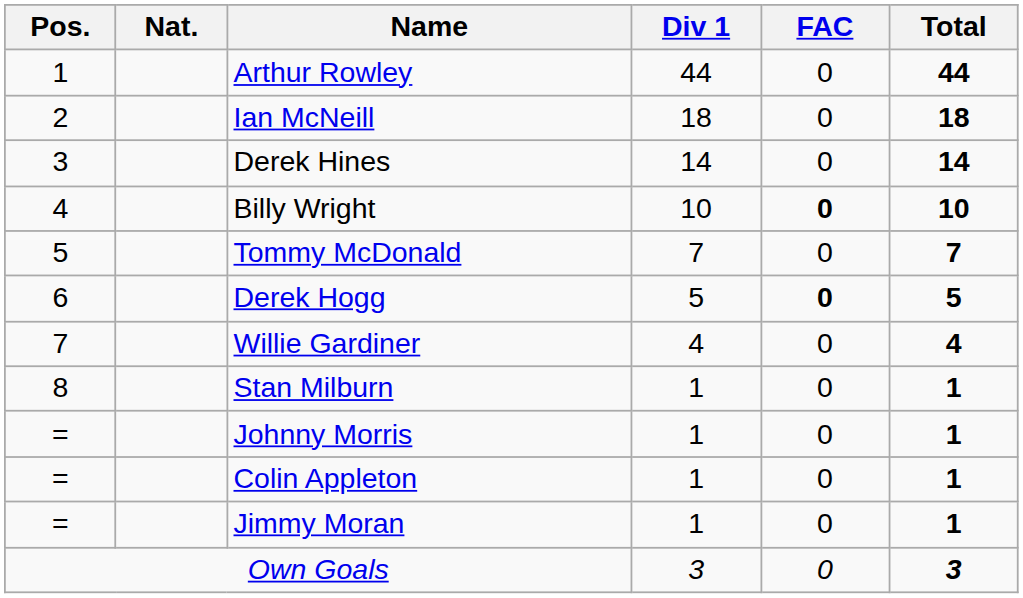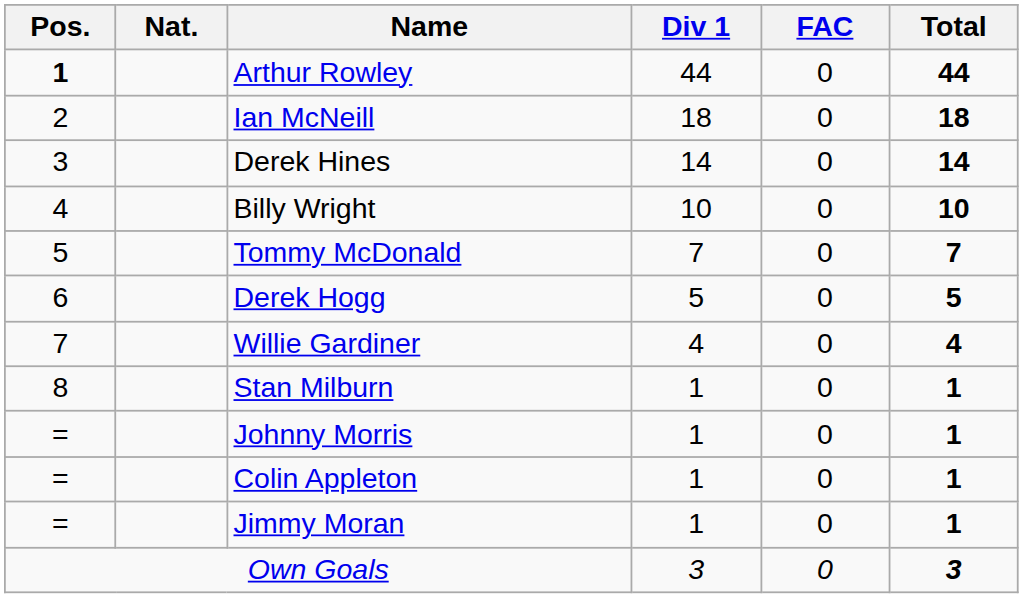 <table class="wikitable sortable">
 <tr>
 <th width="55">Pos.</th>
 <th width="55">Nat.</th>
 <th width="220">Name</th>
 <th width="65"><a href='#'>Div 1</a></th>
 <th width="65"><a href='#'>FAC</a></th>
 <th width="65">Total</th>
 </tr>
 <tr>
-<td align="center">1</td>
+<td align="center"><strong>1</strong></td>
 <td align="center"></td>
 <td><a href='#'>Arthur Rowley</a></td>
 <td align="center">44</td>
 <td align="center">0</td>
 <td align="center"><strong>44</strong></td>
 </tr>
 <tr>
 <td align="center">2</td>
 <td align="center"></td>
 <td><a href='#'>Ian McNeill</a></td>
 <td align="center">18</td>
 <td align="center">0</td>
 <td align="center"><strong>18</strong></td>
 </tr>
 <tr>
 <td align="center">3</td>
 <td align="center"></td>
 <td>Derek Hines</td>
 <td align="center">14</td>
 <td align="center">0</td>
 <td align="center"><strong>14</strong></td>
 </tr>
 <tr>
 <td align="center">4</td>
 <td align="center"></td>
 <td>Billy Wright</td>
 <td align="center">10</td>
-<td align="center"><strong>0</strong></td>
+<td align="center">0</td>
 <td align="center"><strong>10</strong></td>
 </tr>
 <tr>
 <td align="center">5</td>
 <td align="center"></td>
 <td><a href='#'>Tommy McDonald</a></td>
 <td align="center">7</td>
 <td align="center">0</td>
 <td align="center"><strong>7</strong></td>
 </tr>
 <tr>
 <td align="center">6</td>
 <td align="center"></td>
 <td><a href='#'>Derek Hogg</a></td>
 <td align="center">5</td>
-<td align="center"><strong>0</strong></td>
+<td align="center">0</td>
 <td align="center"><strong>5</strong></td>
 </tr>
 <tr>
 <td align="center">7</td>
 <td align="center"></td>
 <td><a href='#'>Willie Gardiner</a></td>
 <td align="center">4</td>
 <td align="center">0</td>
 <td align="center"><strong>4</strong></td>
 </tr>
 <tr>
 <td align="center">8</td>
 <td align="center"></td>
 <td><a href='#'>Stan Milburn</a></td>
 <td align="center">1</td>
 <td align="center">0</td>
 <td align="center"><strong>1</strong></td>
 </tr>
 <tr>
 <td align="center">=</td>
 <td align="center"></td>
 <td><a href='#'>Johnny Morris</a></td>
 <td align="center">1</td>
 <td align="center">0</td>
 <td align="center"><strong>1</strong></td>
 </tr>
 <tr>
 <td align="center">=</td>
 <td align="center"></td>
 <td><a href='#'>Colin Appleton</a></td>
 <td align="center">1</td>
 <td align="center">0</td>
 <td align="center"><strong>1</strong></td>
 </tr>
 <tr>
 <td align="center">=</td>
 <td align="center"></td>
 <td><a href='#'>Jimmy Moran</a></td>
 <td align="center">1</td>
 <td align="center">0</td>
 <td align="center"><strong>1</strong></td>
 </tr>
 <tr>
 <td colspan="3" align="center"><em><a href='#'>Own Goals</a></em></td>
 <td align="center"><em>3</em></td>
 <td align="center"><em>0</em></td>
 <td align="center"><strong><em>3</em></strong></td>
 </tr>
 </table>
